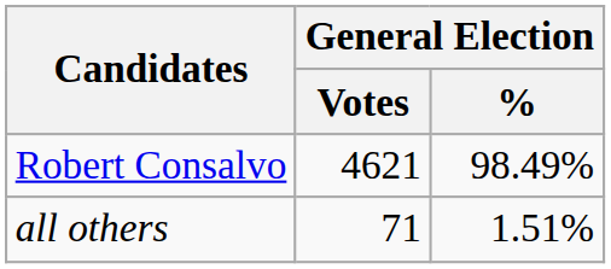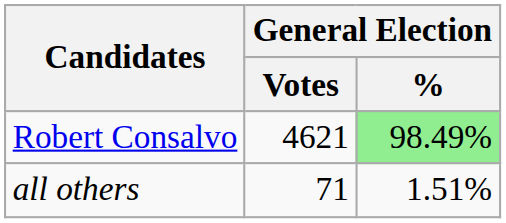 <table class=wikitable>
 <tr>
 <th colspan=1 rowspan=2><strong>Candidates</strong></th>
 <th colspan=2><strong>General Election</strong></th>
 </tr>
 <tr>
 <th>Votes</th>
 <th>%</th>
 </tr>
 <tr>
 <td><a href='#'>Robert Consalvo</a></td>
 <td align="right">4621</td>
-<td align="right">98.49%</td>
+<td align="right" style="background: lightgreen;">98.49%</td>
 </tr>
 <tr>
 <td><em>all others</em></td>
 <td align="right">71</td>
 <td align="right">1.51%</td>
 </tr>
 </table>
